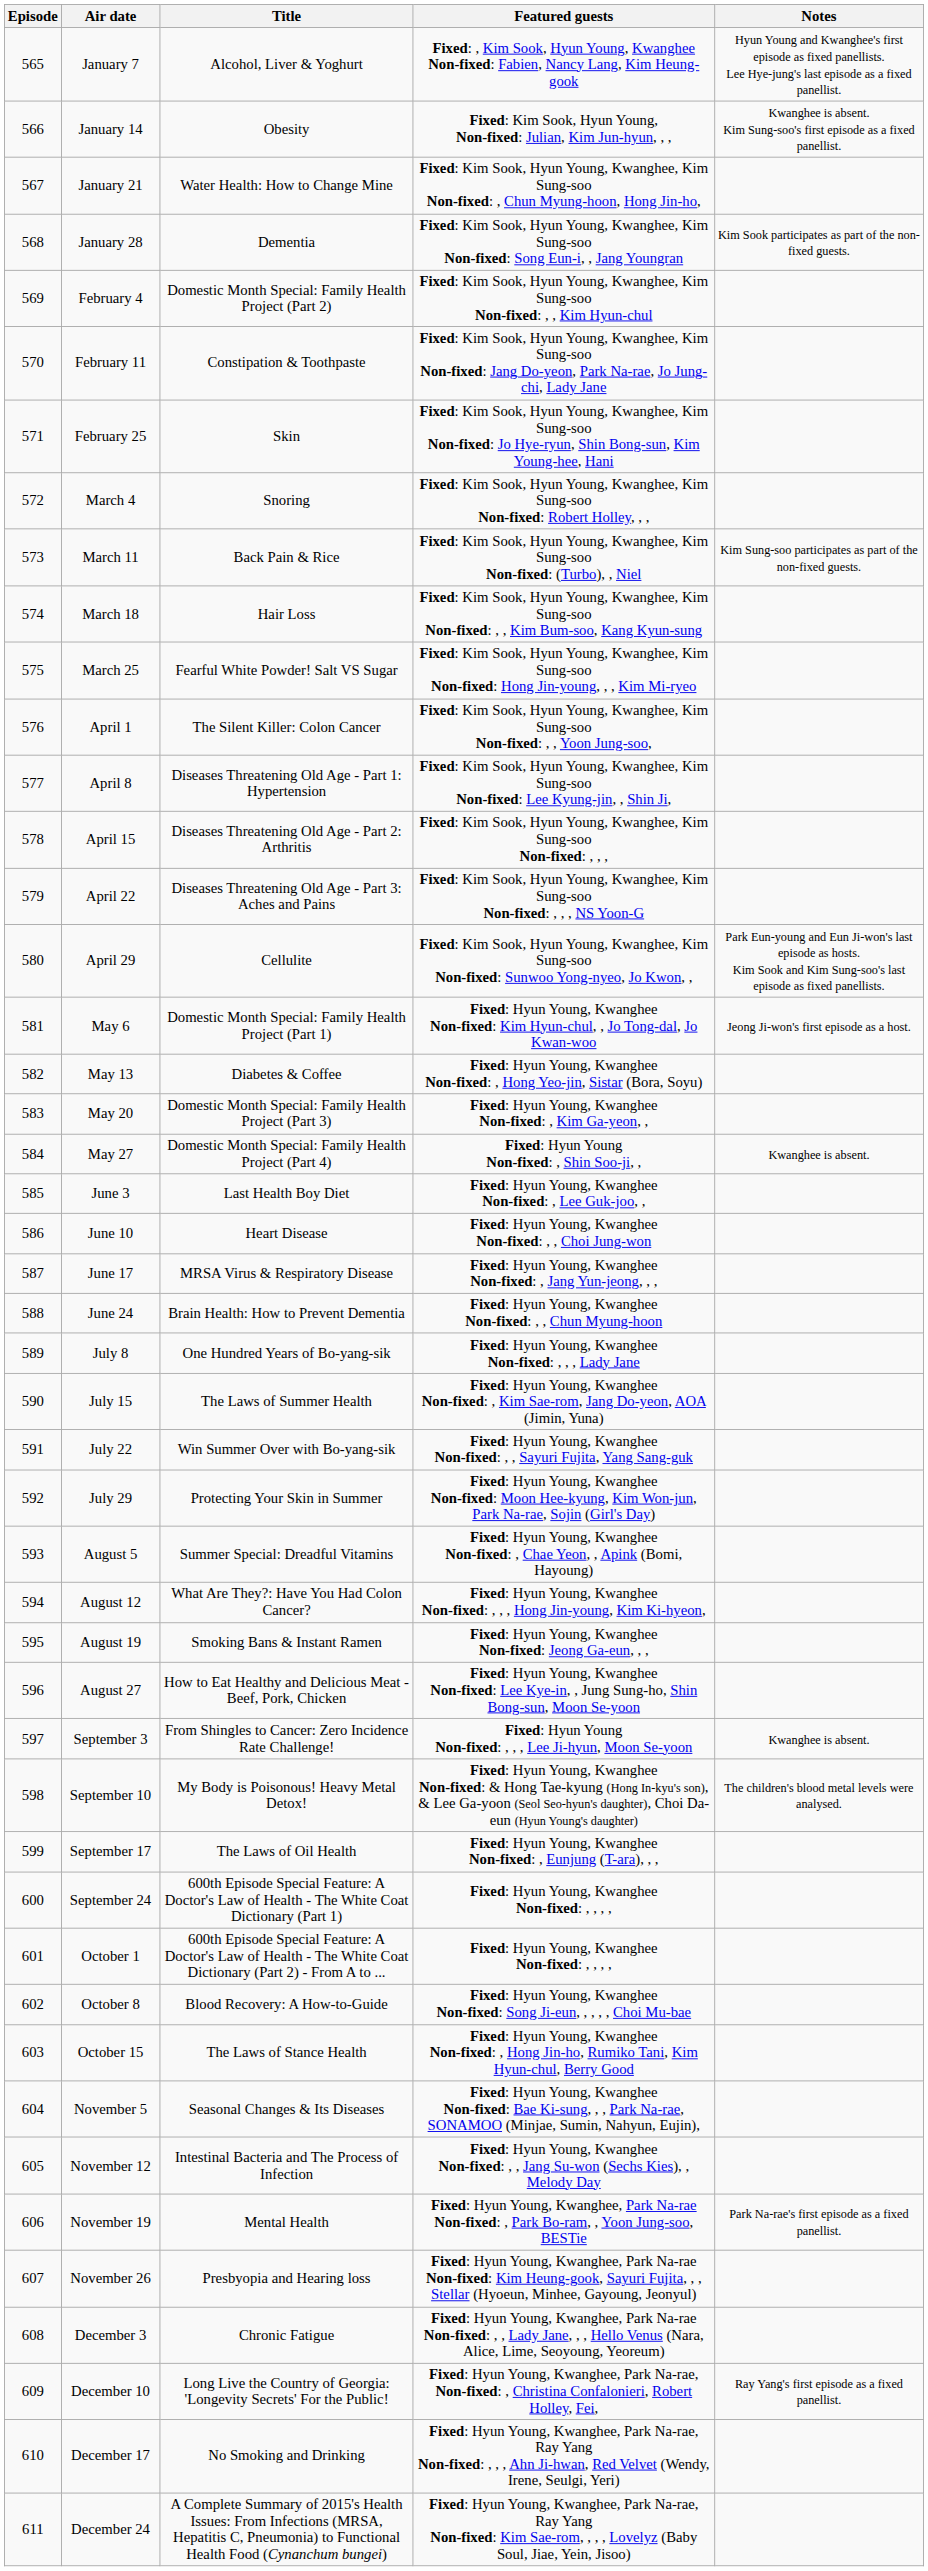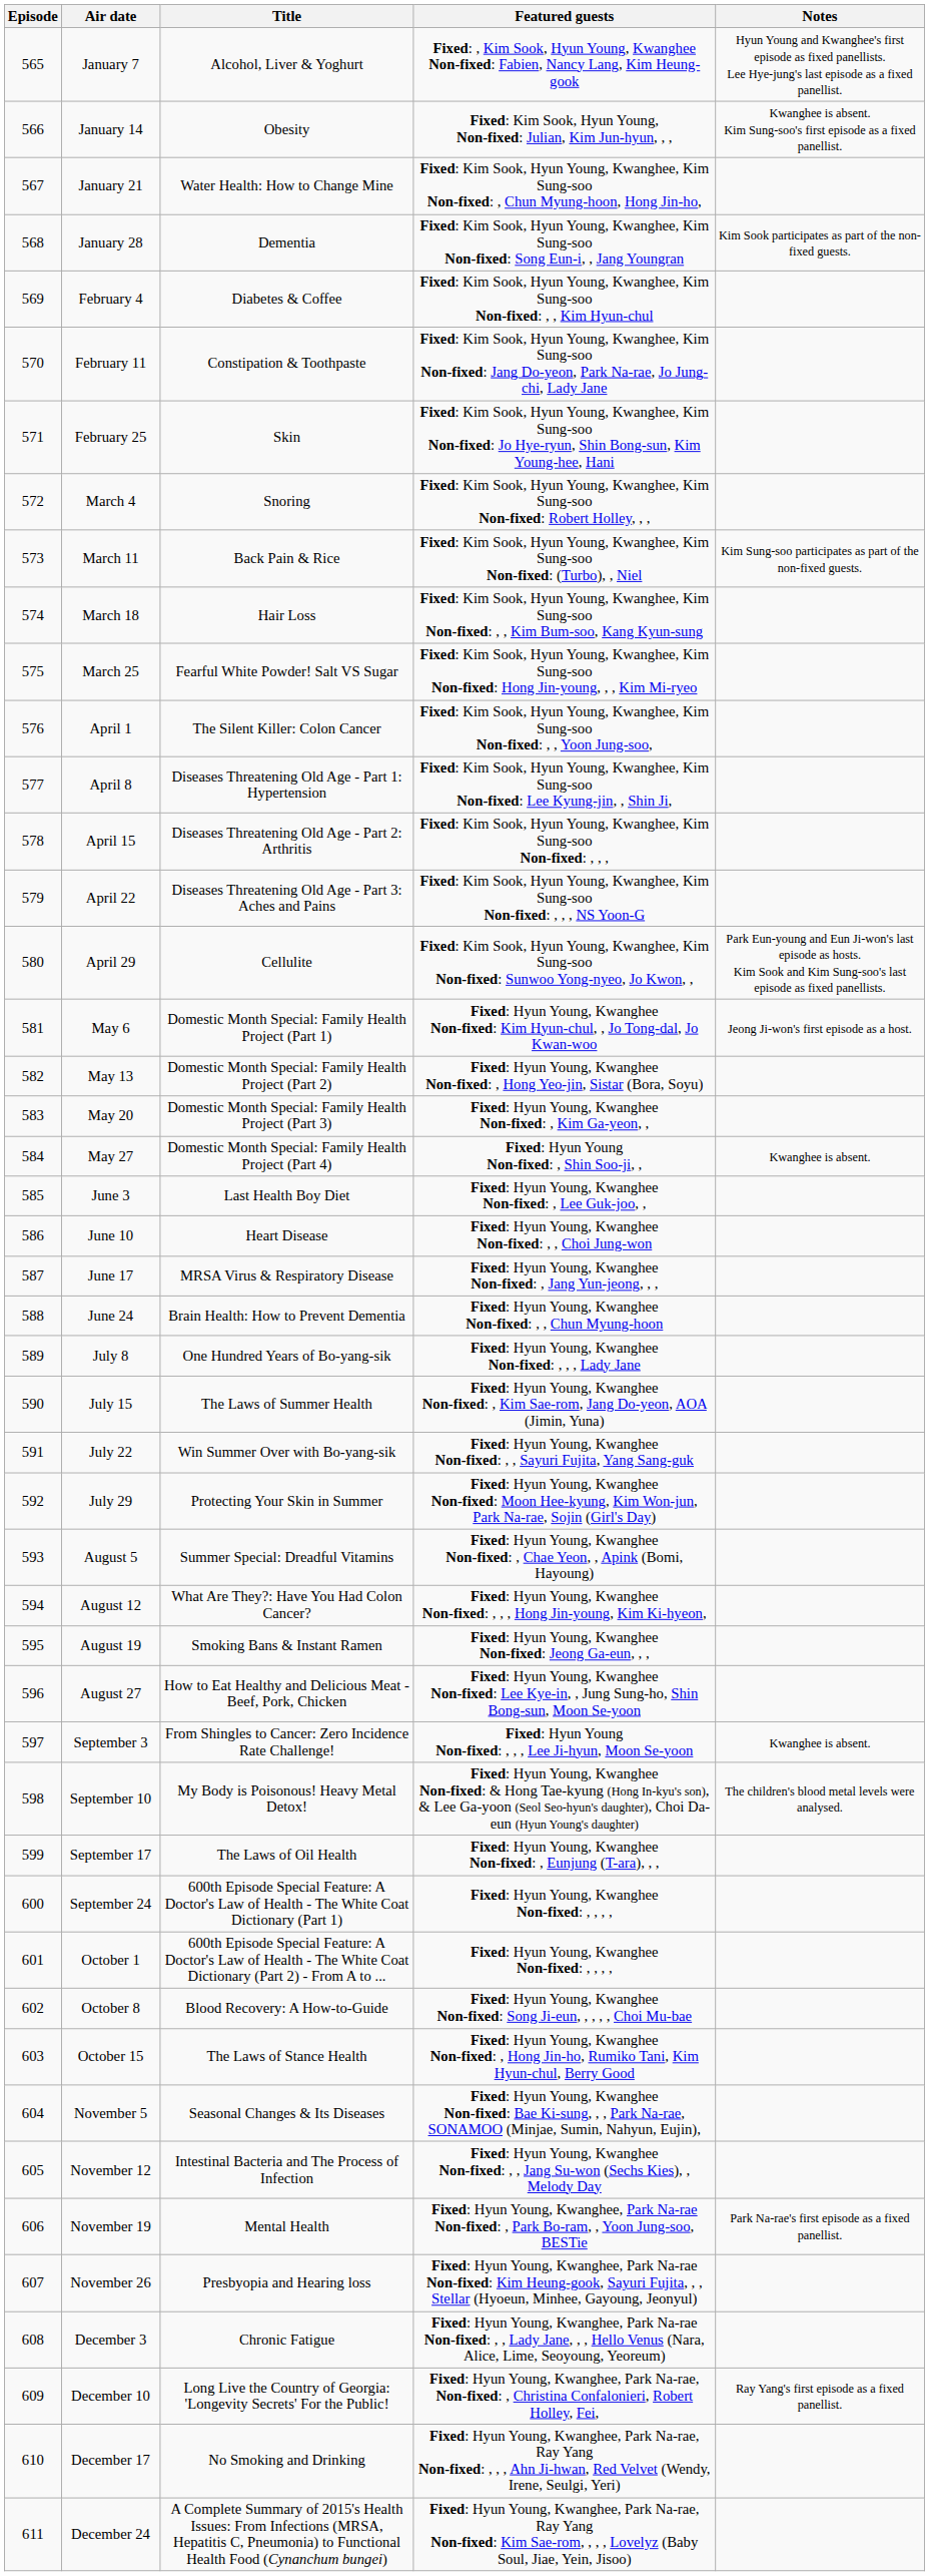 <table class="wikitable" style="text-align:center;" width="1000px">
 <tr>
 <th>Episode</th>
 <th width="100">Air date</th>
 <th title="250">Title</th>
 <th width="320">Featured guests</th>
 <th width="220">Notes</th>
 </tr>
 <tr>
 <td>565</td>
 <td>January 7</td>
 <td>Alcohol, Liver & Yoghurt</td>
 <td><strong>Fixed</strong>: , <a href='#'>Kim Sook</a>, <a href='#'>Hyun Young</a>, <a href='#'>Kwanghee</a> <br> <strong>Non-fixed</strong>: <a href='#'>Fabien</a>, <a href='#'>Nancy Lang</a>, <a href='#'>Kim Heung-gook</a></td>
 <td><small>Hyun Young and Kwanghee's first episode as fixed panellists.</small><br><small>Lee Hye-jung's last episode as a fixed panellist.</small></td>
 </tr>
 <tr>
 <td>566</td>
 <td>January 14</td>
 <td>Obesity</td>
 <td><strong>Fixed</strong>: Kim Sook, Hyun Young,  <br> <strong>Non-fixed</strong>: <a href='#'>Julian</a>, <a href='#'>Kim Jun-hyun</a>, , , </td>
 <td><small>Kwanghee is absent.<br>Kim Sung-soo's first episode as a fixed panellist.</small></td>
 </tr>
 <tr>
 <td>567</td>
 <td>January 21</td>
 <td>Water Health: How to Change Mine</td>
 <td><strong>Fixed</strong>: Kim Sook, Hyun Young, Kwanghee, Kim Sung-soo <br> <strong>Non-fixed</strong>: , <a href='#'>Chun Myung-hoon</a>, <a href='#'>Hong Jin-ho</a>, </td>
 <td></td>
 </tr>
 <tr>
 <td>568</td>
 <td>January 28</td>
 <td>Dementia</td>
 <td><strong>Fixed</strong>: Kim Sook, Hyun Young, Kwanghee, Kim Sung-soo <br> <strong>Non-fixed</strong>: <a href='#'>Song Eun-i</a>, , <a href='#'>Jang Youngran</a></td>
 <td><small>Kim Sook participates as part of the non-fixed guests.</small></td>
 </tr>
 <tr>
 <td>569</td>
 <td>February 4</td>
-<td>Domestic Month Special: Family Health Project (Part 2)</td>
+<td>Diabetes & Coffee</td>
 <td><strong>Fixed</strong>: Kim Sook, Hyun Young, Kwanghee, Kim Sung-soo <br> <strong>Non-fixed</strong>: , , <a href='#'>Kim Hyun-chul</a></td>
 <td></td>
 </tr>
 <tr>
 <td>570</td>
 <td>February 11</td>
 <td>Constipation & Toothpaste</td>
 <td><strong>Fixed</strong>: Kim Sook, Hyun Young, Kwanghee, Kim Sung-soo <br> <strong>Non-fixed</strong>: <a href='#'>Jang Do-yeon</a>, <a href='#'>Park Na-rae</a>, <a href='#'>Jo Jung-chi</a>, <a href='#'>Lady Jane</a></td>
 <td></td>
 </tr>
 <tr>
 <td>571</td>
 <td>February 25</td>
 <td>Skin</td>
 <td><strong>Fixed</strong>: Kim Sook, Hyun Young, Kwanghee, Kim Sung-soo <br> <strong>Non-fixed</strong>: <a href='#'>Jo Hye-ryun</a>, <a href='#'>Shin Bong-sun</a>, <a href='#'>Kim Young-hee</a>, <a href='#'>Hani</a></td>
 <td></td>
 </tr>
 <tr>
 <td>572</td>
 <td>March 4</td>
 <td>Snoring</td>
 <td><strong>Fixed</strong>: Kim Sook, Hyun Young, Kwanghee, Kim Sung-soo <br> <strong>Non-fixed</strong>: <a href='#'>Robert Holley</a>, , , </td>
 <td></td>
 </tr>
 <tr>
 <td>573</td>
 <td>March 11</td>
 <td>Back Pain & Rice</td>
 <td><strong>Fixed</strong>: Kim Sook, Hyun Young, Kwanghee, Kim Sung-soo <br> <strong>Non-fixed</strong>:  (<a href='#'>Turbo</a>), , <a href='#'>Niel</a></td>
 <td><small>Kim Sung-soo participates as part of the non-fixed guests.</small></td>
 </tr>
 <tr>
 <td>574</td>
 <td>March 18</td>
 <td>Hair Loss</td>
 <td><strong>Fixed</strong>: Kim Sook, Hyun Young, Kwanghee, Kim Sung-soo <br> <strong>Non-fixed</strong>: , , <a href='#'>Kim Bum-soo</a>, <a href='#'>Kang Kyun-sung</a></td>
 <td></td>
 </tr>
 <tr>
 <td>575</td>
 <td>March 25</td>
 <td>Fearful White Powder! Salt VS Sugar</td>
 <td><strong>Fixed</strong>: Kim Sook, Hyun Young, Kwanghee, Kim Sung-soo <br> <strong>Non-fixed</strong>: <a href='#'>Hong Jin-young</a>, , , <a href='#'>Kim Mi-ryeo</a></td>
 <td></td>
 </tr>
 <tr>
 <td>576</td>
 <td>April 1</td>
 <td>The Silent Killer: Colon Cancer</td>
 <td><strong>Fixed</strong>: Kim Sook, Hyun Young, Kwanghee, Kim Sung-soo <br> <strong>Non-fixed</strong>: , , <a href='#'>Yoon Jung-soo</a>, </td>
 <td></td>
 </tr>
 <tr>
 <td>577</td>
 <td>April 8</td>
 <td>Diseases Threatening Old Age - Part 1: Hypertension</td>
 <td><strong>Fixed</strong>: Kim Sook, Hyun Young, Kwanghee, Kim Sung-soo <br> <strong>Non-fixed</strong>: <a href='#'>Lee Kyung-jin</a>, , <a href='#'>Shin Ji</a>, </td>
 <td></td>
 </tr>
 <tr>
 <td>578</td>
 <td>April 15</td>
 <td>Diseases Threatening Old Age - Part 2: Arthritis</td>
 <td><strong>Fixed</strong>: Kim Sook, Hyun Young, Kwanghee, Kim Sung-soo <br> <strong>Non-fixed</strong>: , , , </td>
 <td></td>
 </tr>
 <tr>
 <td>579</td>
 <td>April 22</td>
 <td>Diseases Threatening Old Age - Part 3: Aches and Pains</td>
 <td><strong>Fixed</strong>: Kim Sook, Hyun Young, Kwanghee, Kim Sung-soo <br> <strong>Non-fixed</strong>: , , , <a href='#'>NS Yoon-G</a></td>
 <td></td>
 </tr>
 <tr>
 <td>580</td>
 <td>April 29</td>
 <td>Cellulite</td>
 <td><strong>Fixed</strong>: Kim Sook, Hyun Young, Kwanghee, Kim Sung-soo <br> <strong>Non-fixed</strong>: <a href='#'>Sunwoo Yong-nyeo</a>, <a href='#'>Jo Kwon</a>, , </td>
 <td><small>Park Eun-young and Eun Ji-won's last episode as hosts. <br>Kim Sook and Kim Sung-soo's last episode as fixed panellists.</small></td>
 </tr>
 <tr>
 <td>581</td>
 <td>May 6</td>
 <td>Domestic Month Special: Family Health Project (Part 1)</td>
 <td><strong>Fixed</strong>: Hyun Young, Kwanghee  <br> <strong>Non-fixed</strong>: <a href='#'>Kim Hyun-chul</a>, , <a href='#'>Jo Tong-dal</a>, <a href='#'>Jo Kwan-woo</a></td>
 <td><small>Jeong Ji-won's first episode as a host.</small></td>
 </tr>
 <tr>
 <td>582</td>
 <td>May 13</td>
-<td>Diabetes & Coffee</td>
+<td>Domestic Month Special: Family Health Project (Part 2)</td>
 <td><strong>Fixed</strong>: Hyun Young, Kwanghee <br> <strong>Non-fixed</strong>: , <a href='#'>Hong Yeo-jin</a>, <a href='#'>Sistar</a> (Bora, Soyu)</td>
 <td></td>
 </tr>
 <tr>
 <td>583</td>
 <td>May 20</td>
 <td>Domestic Month Special: Family Health Project (Part 3)</td>
 <td><strong>Fixed</strong>: Hyun Young, Kwanghee <br> <strong>Non-fixed</strong>: , <a href='#'>Kim Ga-yeon</a>, , </td>
 <td></td>
 </tr>
 <tr>
 <td>584</td>
 <td>May 27</td>
 <td>Domestic Month Special: Family Health Project (Part 4)</td>
 <td><strong>Fixed</strong>: Hyun Young <br> <strong>Non-fixed</strong>: , <a href='#'>Shin Soo-ji</a>, , </td>
 <td><small>Kwanghee is absent.</small></td>
 </tr>
 <tr>
 <td>585</td>
 <td>June 3</td>
 <td>Last Health Boy Diet</td>
 <td><strong>Fixed</strong>: Hyun Young, Kwanghee <br> <strong>Non-fixed</strong>: , <a href='#'>Lee Guk-joo</a>, , </td>
 <td></td>
 </tr>
 <tr>
 <td>586</td>
 <td>June 10</td>
 <td>Heart Disease</td>
 <td><strong>Fixed</strong>: Hyun Young, Kwanghee <br> <strong>Non-fixed</strong>: , , <a href='#'>Choi Jung-won</a></td>
 <td></td>
 </tr>
 <tr>
 <td>587</td>
 <td>June 17</td>
 <td>MRSA Virus & Respiratory Disease</td>
 <td><strong>Fixed</strong>: Hyun Young, Kwanghee <br> <strong>Non-fixed</strong>: , <a href='#'>Jang Yun-jeong</a>, , , </td>
 <td></td>
 </tr>
 <tr>
 <td>588</td>
 <td>June 24</td>
 <td>Brain Health: How to Prevent Dementia</td>
 <td><strong>Fixed</strong>: Hyun Young, Kwanghee <br> <strong>Non-fixed</strong>: , , <a href='#'>Chun Myung-hoon</a></td>
 <td></td>
 </tr>
 <tr>
 <td>589</td>
 <td>July 8</td>
 <td>One Hundred Years of Bo-yang-sik</td>
 <td><strong>Fixed</strong>: Hyun Young, Kwanghee <br> <strong>Non-fixed</strong>: , , , <a href='#'>Lady Jane</a></td>
 <td></td>
 </tr>
 <tr>
 <td>590</td>
 <td>July 15</td>
 <td>The Laws of Summer Health</td>
 <td><strong>Fixed</strong>: Hyun Young, Kwanghee <br> <strong>Non-fixed</strong>: , <a href='#'>Kim Sae-rom</a>, <a href='#'>Jang Do-yeon</a>, <a href='#'>AOA</a> (Jimin, Yuna)</td>
 <td></td>
 </tr>
 <tr>
 <td>591</td>
 <td>July 22</td>
 <td>Win Summer Over with Bo-yang-sik</td>
 <td><strong>Fixed</strong>: Hyun Young, Kwanghee <br> <strong>Non-fixed</strong>: , , <a href='#'>Sayuri Fujita</a>, <a href='#'>Yang Sang-guk</a></td>
 <td></td>
 </tr>
 <tr>
 <td>592</td>
 <td>July 29</td>
 <td>Protecting Your Skin in Summer</td>
 <td><strong>Fixed</strong>: Hyun Young, Kwanghee <br> <strong>Non-fixed</strong>: <a href='#'>Moon Hee-kyung</a>, <a href='#'>Kim Won-jun</a>, <a href='#'>Park Na-rae</a>, <a href='#'>Sojin</a> (<a href='#'>Girl's Day</a>)</td>
 <td></td>
 </tr>
 <tr>
 <td>593</td>
 <td>August 5</td>
 <td>Summer Special: Dreadful Vitamins</td>
 <td><strong>Fixed</strong>: Hyun Young, Kwanghee <br> <strong>Non-fixed</strong>: , <a href='#'>Chae Yeon</a>,  , <a href='#'>Apink</a> (Bomi, Hayoung)</td>
 <td></td>
 </tr>
 <tr>
 <td>594</td>
 <td>August 12</td>
 <td>What Are They?: Have You Had Colon Cancer?</td>
 <td><strong>Fixed</strong>: Hyun Young, Kwanghee <br> <strong>Non-fixed</strong>: , , , <a href='#'>Hong Jin-young</a>, <a href='#'>Kim Ki-hyeon</a>, </td>
 <td></td>
 </tr>
 <tr>
 <td>595</td>
 <td>August 19</td>
 <td>Smoking Bans & Instant Ramen</td>
 <td><strong>Fixed</strong>: Hyun Young, Kwanghee <br> <strong>Non-fixed</strong>: <a href='#'>Jeong Ga-eun</a>, , , </td>
 <td></td>
 </tr>
 <tr>
 <td>596</td>
 <td>August 27</td>
 <td>How to Eat Healthy and Delicious Meat - Beef, Pork, Chicken</td>
 <td><strong>Fixed</strong>: Hyun Young, Kwanghee <br> <strong>Non-fixed</strong>: <a href='#'>Lee Kye-in</a>, , Jung Sung-ho, <a href='#'>Shin Bong-sun</a>, <a href='#'>Moon Se-yoon</a></td>
 <td></td>
 </tr>
 <tr>
 <td>597</td>
 <td>September 3</td>
 <td>From Shingles to Cancer: Zero Incidence Rate Challenge!</td>
 <td><strong>Fixed</strong>: Hyun Young <br> <strong>Non-fixed</strong>: , , , <a href='#'>Lee Ji-hyun</a>, <a href='#'>Moon Se-yoon</a></td>
 <td><small>Kwanghee is absent.</small></td>
 </tr>
 <tr>
 <td>598</td>
 <td>September 10</td>
 <td>My Body is Poisonous! Heavy Metal Detox!</td>
 <td><strong>Fixed</strong>:  Hyun Young, Kwanghee <br> <strong>Non-fixed</strong>:  & Hong Tae-kyung <small>(Hong In-kyu's son)</small>,  & Lee Ga-yoon <small>(Seol Seo-hyun's daughter)</small>, Choi Da-eun <small>(Hyun Young's daughter)</small></td>
 <td><small>The children's blood metal levels were analysed.</small></td>
 </tr>
 <tr>
 <td>599</td>
 <td>September 17</td>
 <td>The Laws of Oil Health</td>
 <td><strong>Fixed</strong>: Hyun Young, Kwanghee <br> <strong>Non-fixed</strong>: , <a href='#'>Eunjung</a> (<a href='#'>T-ara</a>), , , </td>
 <td></td>
 </tr>
 <tr>
 <td>600</td>
 <td>September 24</td>
 <td>600th Episode Special Feature: A Doctor's Law of Health - The White Coat Dictionary (Part 1)</td>
 <td><strong>Fixed</strong>: Hyun Young, Kwanghee <br> <strong>Non-fixed</strong>: , , , , </td>
 <td></td>
 </tr>
 <tr>
 <td>601</td>
 <td>October 1</td>
 <td>600th Episode Special Feature: A Doctor's Law of Health - The White Coat Dictionary (Part 2) - From A to ...</td>
 <td><strong>Fixed</strong>: Hyun Young, Kwanghee <br> <strong>Non-fixed</strong>: , , , , </td>
 <td></td>
 </tr>
 <tr>
 <td>602</td>
 <td>October 8</td>
 <td>Blood Recovery: A How-to-Guide</td>
 <td><strong>Fixed</strong>: Hyun Young, Kwanghee <br> <strong>Non-fixed</strong>: <a href='#'>Song Ji-eun</a>, , , , , <a href='#'>Choi Mu-bae</a></td>
 <td></td>
 </tr>
 <tr>
 <td>603</td>
 <td>October 15</td>
 <td>The Laws of Stance Health</td>
 <td><strong>Fixed</strong>: Hyun Young, Kwanghee <br> <strong>Non-fixed</strong>: , <a href='#'>Hong Jin-ho</a>, <a href='#'>Rumiko Tani</a>, <a href='#'>Kim Hyun-chul</a>, <a href='#'>Berry Good</a></td>
 <td></td>
 </tr>
 <tr>
 <td>604</td>
 <td>November 5</td>
 <td>Seasonal Changes & Its Diseases</td>
 <td><strong>Fixed</strong>: Hyun Young, Kwanghee <br> <strong>Non-fixed</strong>: <a href='#'>Bae Ki-sung</a>, , , <a href='#'>Park Na-rae</a>, <a href='#'>SONAMOO</a> (Minjae, Sumin, Nahyun, Eujin), </td>
 <td></td>
 </tr>
 <tr>
 <td>605</td>
 <td>November 12</td>
 <td>Intestinal Bacteria and The Process of Infection</td>
 <td><strong>Fixed</strong>:  Hyun Young, Kwanghee <br> <strong>Non-fixed</strong>: , , <a href='#'>Jang Su-won</a> (<a href='#'>Sechs Kies</a>), , <a href='#'>Melody Day</a></td>
 <td></td>
 </tr>
 <tr>
 <td>606</td>
 <td>November 19</td>
 <td>Mental Health</td>
 <td><strong>Fixed</strong>: Hyun Young, Kwanghee, <a href='#'>Park Na-rae</a> <br> <strong>Non-fixed</strong>: , <a href='#'>Park Bo-ram</a>, , <a href='#'>Yoon Jung-soo</a>, <a href='#'>BESTie</a></td>
 <td><small>Park Na-rae's first episode as a fixed panellist.</small></td>
 </tr>
 <tr>
 <td>607</td>
 <td>November 26</td>
 <td>Presbyopia and Hearing loss</td>
 <td><strong>Fixed</strong>: Hyun Young, Kwanghee, Park Na-rae <br> <strong>Non-fixed</strong>: <a href='#'>Kim Heung-gook</a>, <a href='#'>Sayuri Fujita</a>, , , <a href='#'>Stellar</a> (Hyoeun, Minhee, Gayoung, Jeonyul)</td>
 <td></td>
 </tr>
 <tr>
 <td>608</td>
 <td>December 3</td>
 <td>Chronic Fatigue</td>
 <td><strong>Fixed</strong>: Hyun Young, Kwanghee, Park Na-rae <br> <strong>Non-fixed</strong>: , , <a href='#'>Lady Jane</a>, , , <a href='#'>Hello Venus</a> (Nara, Alice, Lime, Seoyoung, Yeoreum)</td>
 <td></td>
 </tr>
 <tr>
 <td>609</td>
 <td>December 10</td>
 <td>Long Live the Country of Georgia: 'Longevity Secrets' For the Public!</td>
 <td><strong>Fixed</strong>: Hyun Young, Kwanghee, Park Na-rae,  <br> <strong>Non-fixed</strong>: , <a href='#'>Christina Confalonieri</a>, <a href='#'>Robert Holley</a>, <a href='#'>Fei</a>, </td>
 <td><small>Ray Yang's first episode as a fixed panellist.</small></td>
 </tr>
 <tr>
 <td>610</td>
 <td>December 17</td>
 <td>No Smoking and Drinking</td>
 <td><strong>Fixed</strong>: Hyun Young, Kwanghee, Park Na-rae, Ray Yang <br> <strong>Non-fixed</strong>: , , , <a href='#'>Ahn Ji-hwan</a>, <a href='#'>Red Velvet</a> (Wendy, Irene, Seulgi, Yeri)</td>
 <td></td>
 </tr>
 <tr>
 <td>611</td>
 <td>December 24</td>
 <td>A Complete Summary of 2015's Health Issues: From Infections (MRSA, Hepatitis C, Pneumonia) to Functional Health Food (<em>Cynanchum bungei</em>)</td>
 <td><strong>Fixed</strong>: Hyun Young, Kwanghee, Park Na-rae, Ray Yang <br> <strong>Non-fixed</strong>: <a href='#'>Kim Sae-rom</a>, , , , <a href='#'>Lovelyz</a> (Baby Soul, Jiae, Yein, Jisoo)</td>
 <td></td>
 </tr>
 </table>
